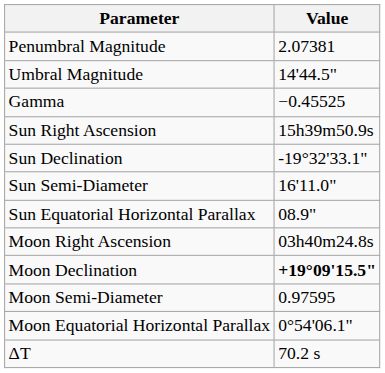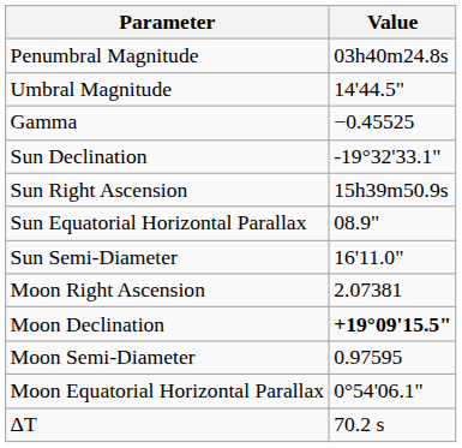 <table class="wikitable">
 <tr>
 <th>Parameter</th>
 <th>Value</th>
 </tr>
 <tr>
 <td>Penumbral Magnitude</td>
-<td>2.07381</td>
+<td>03h40m24.8s</td>
 </tr>
 <tr>
 <td>Umbral Magnitude</td>
 <td>14'44.5"</td>
 </tr>
 <tr>
 <td>Gamma</td>
 <td>−0.45525</td>
 </tr>
 <tr>
+<td>Sun Declination</td>
+<td>-19°32'33.1"</td>
+</tr>
+<tr>
 <td>Sun Right Ascension</td>
 <td>15h39m50.9s</td>
 </tr>
 <tr>
-<td>Sun Declination</td>
-<td>-19°32'33.1"</td>
+<td>Sun Equatorial Horizontal Parallax</td>
+<td>08.9"</td>
 </tr>
 <tr>
 <td>Sun Semi-Diameter</td>
 <td>16'11.0"</td>
 </tr>
 <tr>
-<td>Sun Equatorial Horizontal Parallax</td>
-<td>08.9"</td>
-</tr>
-<tr>
 <td>Moon Right Ascension</td>
-<td>03h40m24.8s</td>
+<td>2.07381</td>
 </tr>
 <tr>
 <td>Moon Declination</td>
 <td><strong>+19°09'15.5"</strong></td>
 </tr>
 <tr>
 <td>Moon Semi-Diameter</td>
 <td>0.97595</td>
 </tr>
 <tr>
 <td>Moon Equatorial Horizontal Parallax</td>
 <td>0°54'06.1"</td>
 </tr>
 <tr>
 <td>ΔT</td>
 <td>70.2 s</td>
 </tr>
 </table>
